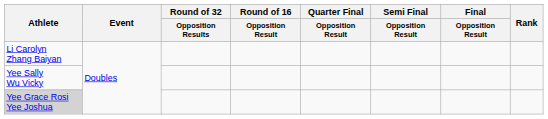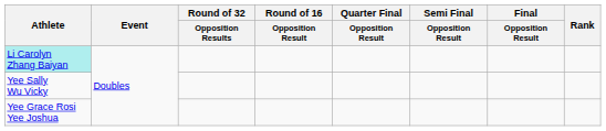 <table class=wikitable style="font-size:90%">
 <tr>
 <th rowspan="2" width=150>Athlete</th>
 <th rowspan="2" width=150>Event</th>
 <th width=125>Round of 32</th>
 <th width=125>Round of 16</th>
 <th width=125>Quarter Final</th>
 <th width=125>Semi Final</th>
 <th width=125>Final</th>
 <th rowspan="2" width=50>Rank</th>
 </tr>
 <tr>
 <th style="line-height:1em"><small>Opposition<br>Results</small></th>
 <th style="line-height:1em"><small>Opposition<br>Result</small></th>
 <th style="line-height:1em"><small>Opposition<br>Result</small></th>
 <th style="line-height:1em"><small>Opposition<br>Result</small></th>
 <th style="line-height:1em"><small>Opposition<br>Result</small></th>
 </tr>
 <tr>
-<td><a href='#'>Li Carolyn</a> <br> <a href='#'>Zhang Baiyan</a></td>
+<td style="background: paleturquoise;"><a href='#'>Li Carolyn</a> <br> <a href='#'>Zhang Baiyan</a></td>
 <td rowspan=3><a href='#'>Doubles</a></td>
 <td align=><br></td>
 <td align=><br></td>
 <td align=><br></td>
 <td align=><br></td>
 <td align=><br></td>
 <td></td>
 </tr>
 <tr>
 <td><a href='#'>Yee Sally</a> <br> <a href='#'>Wu Vicky</a></td>
 <td align=><br></td>
 <td align=><br></td>
 <td align=><br></td>
 <td align=><br></td>
 <td align=><br></td>
 <td></td>
 </tr>
 <tr>
-<td style="background: lightgrey;"><a href='#'>Yee Grace Rosi</a> <br> <a href='#'>Yee Joshua</a></td>
+<td><a href='#'>Yee Grace Rosi</a> <br> <a href='#'>Yee Joshua</a></td>
 <td align=><br></td>
 <td align=><br></td>
 <td align=><br></td>
 <td align=><br></td>
 <td align=><br></td>
 <td></td>
 </tr>
 </table>
